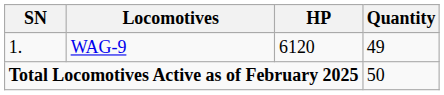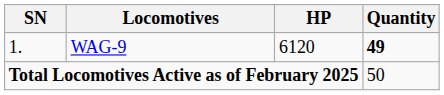 <table class="wikitable">
 <tr>
 <th>SN</th>
 <th>Locomotives</th>
 <th>HP</th>
 <th>Quantity</th>
 </tr>
 <tr>
 <td>1.</td>
 <td><a href='#'>WAG-9</a></td>
 <td>6120</td>
-<td>49</td>
+<td><strong>49</strong></td>
 </tr>
 <tr>
 <td colspan="3"><strong>Total Locomotives Active as of February 2025</strong></td>
 <td>50</td>
 </tr>
 </table>
